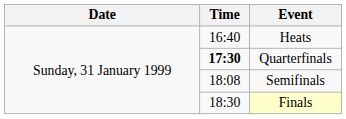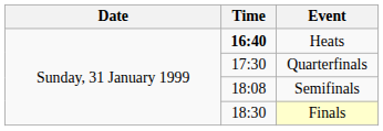 <table class = "wikitable" style="text-align:center;">
 <tr>
 <th width=220>Date</th>
 <th width=50>Time</th>
 <th width=100>Event</th>
 </tr>
 <tr>
 <td rowspan=4>Sunday, 31 January 1999</td>
-<td>16:40</td>
+<td><strong>16:40</strong></td>
 <td>Heats</td>
 </tr>
 <tr>
-<td><strong>17:30</strong></td>
+<td>17:30</td>
 <td>Quarterfinals</td>
 </tr>
 <tr>
 <td>18:08</td>
 <td>Semifinals</td>
 </tr>
 <tr>
 <td>18:30</td>
 <td bgcolor=ffffcc>Finals</td>
 </tr>
 </table>
